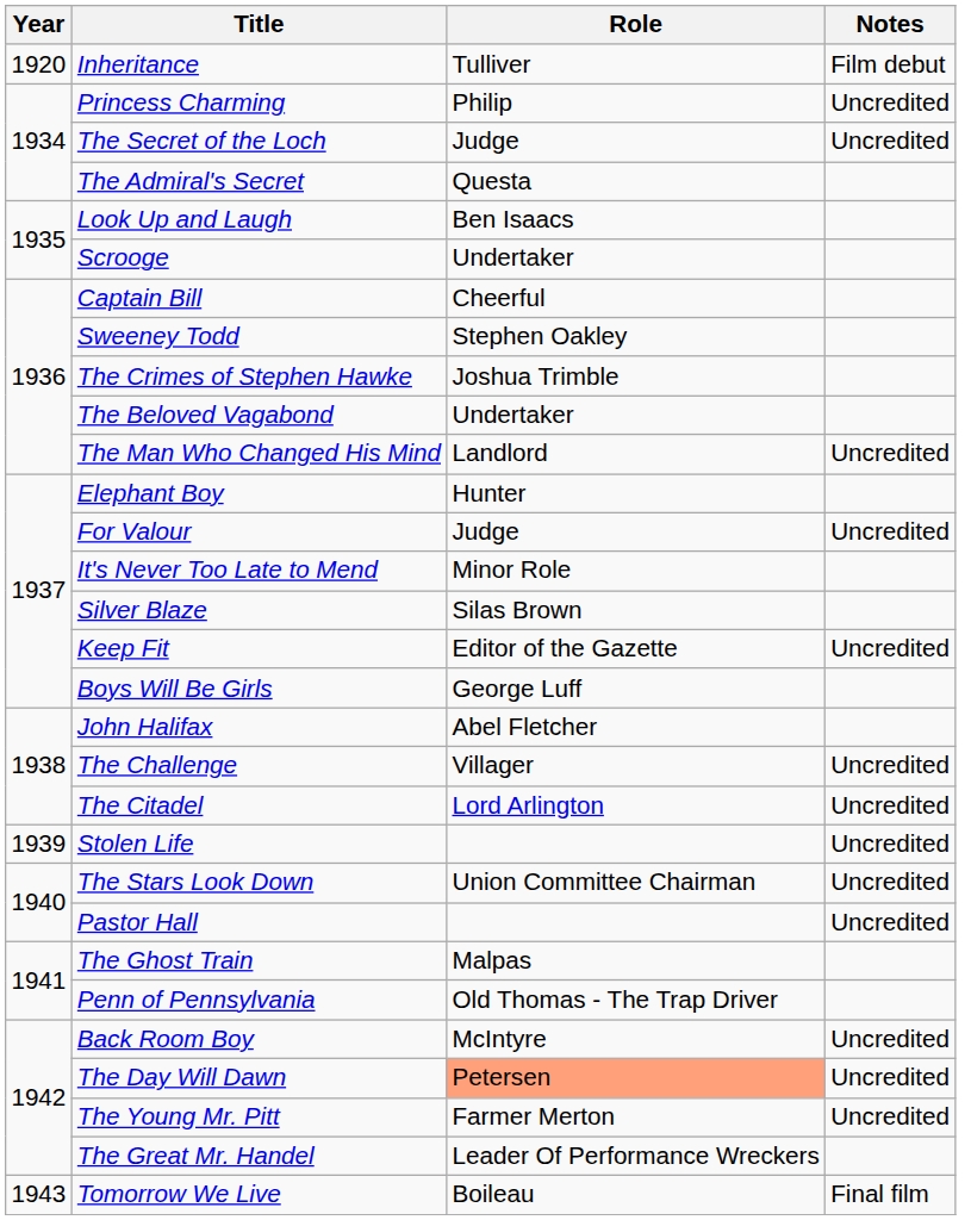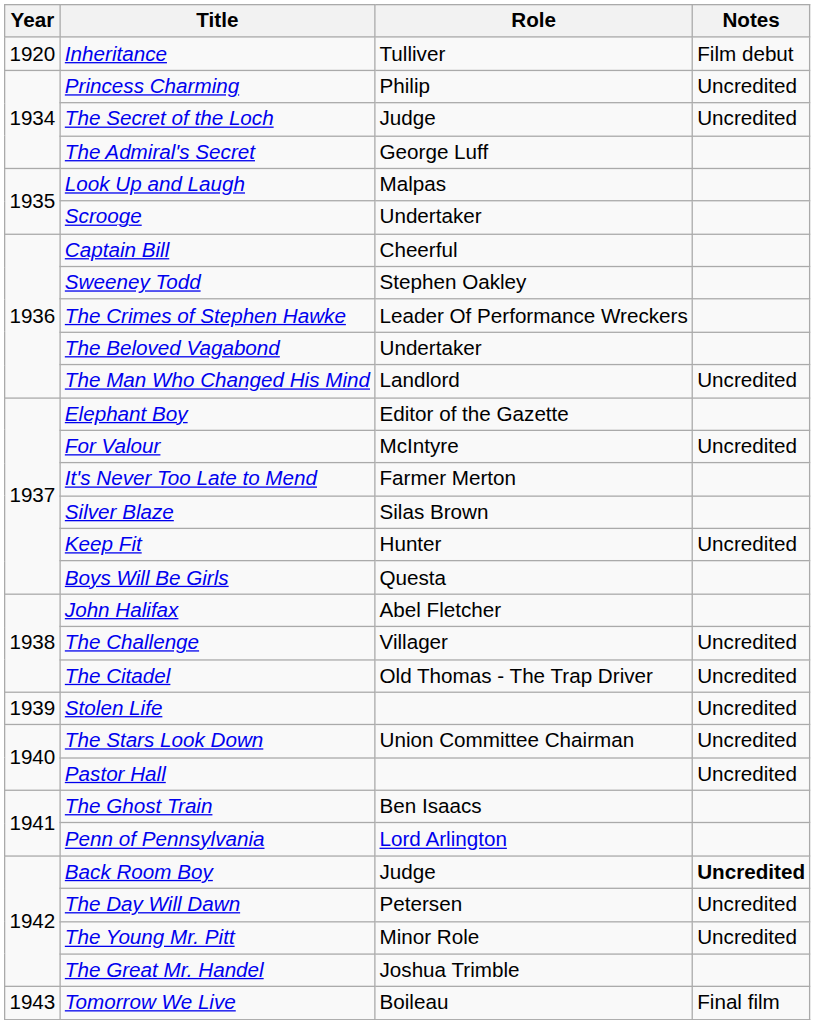 <table class="wikitable">
 <tr>
 <th>Year</th>
 <th>Title</th>
 <th>Role</th>
 <th>Notes</th>
 </tr>
 <tr>
 <td>1920</td>
 <td><em><a href='#'>Inheritance</a></em></td>
 <td>Tulliver</td>
 <td>Film debut</td>
 </tr>
 <tr>
 <td rowspan="3">1934</td>
 <td><em><a href='#'>Princess Charming</a></em></td>
 <td>Philip</td>
 <td>Uncredited</td>
 </tr>
 <tr>
 <td><em><a href='#'>The Secret of the Loch</a></em></td>
 <td>Judge</td>
 <td>Uncredited</td>
 </tr>
 <tr>
 <td><em><a href='#'>The Admiral's Secret</a></em></td>
-<td>Questa</td>
+<td>George Luff</td>
 <td></td>
 </tr>
 <tr>
 <td rowspan="2">1935</td>
 <td><em><a href='#'>Look Up and Laugh</a></em></td>
-<td>Ben Isaacs</td>
+<td>Malpas</td>
 <td></td>
 </tr>
 <tr>
 <td><em><a href='#'>Scrooge</a></em></td>
 <td>Undertaker</td>
 <td></td>
 </tr>
 <tr>
 <td rowspan="5">1936</td>
 <td><em><a href='#'>Captain Bill</a></em></td>
 <td>Cheerful</td>
 <td></td>
 </tr>
 <tr>
 <td><em><a href='#'>Sweeney Todd</a></em></td>
 <td>Stephen Oakley</td>
 <td></td>
 </tr>
 <tr>
 <td><em><a href='#'>The Crimes of Stephen Hawke</a></em></td>
-<td>Joshua Trimble</td>
+<td>Leader Of Performance Wreckers</td>
 <td></td>
 </tr>
 <tr>
 <td><em><a href='#'>The Beloved Vagabond</a></em></td>
 <td>Undertaker</td>
 <td></td>
 </tr>
 <tr>
 <td><em><a href='#'>The Man Who Changed His Mind</a></em></td>
 <td>Landlord</td>
 <td>Uncredited</td>
 </tr>
 <tr>
 <td rowspan="6">1937</td>
 <td><em><a href='#'>Elephant Boy</a></em></td>
-<td>Hunter</td>
+<td>Editor of the Gazette</td>
 <td></td>
 </tr>
 <tr>
 <td><em><a href='#'>For Valour</a></em></td>
-<td>Judge</td>
+<td>McIntyre</td>
 <td>Uncredited</td>
 </tr>
 <tr>
 <td><em><a href='#'>It's Never Too Late to Mend</a></em></td>
-<td>Minor Role</td>
+<td>Farmer Merton</td>
 <td></td>
 </tr>
 <tr>
 <td><em><a href='#'>Silver Blaze</a></em></td>
 <td>Silas Brown</td>
 <td></td>
 </tr>
 <tr>
 <td><em><a href='#'>Keep Fit</a></em></td>
-<td>Editor of the Gazette</td>
+<td>Hunter</td>
 <td>Uncredited</td>
 </tr>
 <tr>
 <td><em><a href='#'>Boys Will Be Girls</a></em></td>
-<td>George Luff</td>
+<td>Questa</td>
 <td></td>
 </tr>
 <tr>
 <td rowspan=3>1938</td>
 <td><em><a href='#'>John Halifax</a></em></td>
 <td>Abel Fletcher</td>
 <td></td>
 </tr>
 <tr>
 <td><em><a href='#'>The Challenge</a></em></td>
 <td>Villager</td>
 <td>Uncredited</td>
 </tr>
 <tr>
 <td><em><a href='#'>The Citadel</a></em></td>
-<td><a href='#'>Lord Arlington</a></td>
+<td>Old Thomas - The Trap Driver</td>
 <td>Uncredited</td>
 </tr>
 <tr>
 <td>1939</td>
 <td><em><a href='#'>Stolen Life</a></em></td>
 <td></td>
 <td>Uncredited</td>
 </tr>
 <tr>
 <td rowspan=2>1940</td>
 <td><em><a href='#'>The Stars Look Down</a></em></td>
 <td>Union Committee Chairman</td>
 <td>Uncredited</td>
 </tr>
 <tr>
 <td><em><a href='#'>Pastor Hall</a></em></td>
 <td></td>
 <td>Uncredited</td>
 </tr>
 <tr>
 <td rowspan=2>1941</td>
 <td><em><a href='#'>The Ghost Train</a></em></td>
-<td>Malpas</td>
+<td>Ben Isaacs</td>
 <td></td>
 </tr>
 <tr>
 <td><em><a href='#'>Penn of Pennsylvania</a></em></td>
-<td>Old Thomas - The Trap Driver</td>
+<td><a href='#'>Lord Arlington</a></td>
 <td></td>
 </tr>
 <tr>
 <td rowspan=4>1942</td>
 <td><em><a href='#'>Back Room Boy</a></em></td>
-<td>McIntyre</td>
-<td>Uncredited</td>
+<td>Judge</td>
+<td><strong>Uncredited</strong></td>
 </tr>
 <tr>
 <td><em><a href='#'>The Day Will Dawn</a></em></td>
-<td style="background: lightsalmon;">Petersen</td>
+<td>Petersen</td>
 <td>Uncredited</td>
 </tr>
 <tr>
 <td><em><a href='#'>The Young Mr. Pitt</a></em></td>
-<td>Farmer Merton</td>
+<td>Minor Role</td>
 <td>Uncredited</td>
 </tr>
 <tr>
 <td><em><a href='#'>The Great Mr. Handel</a></em></td>
-<td>Leader Of Performance Wreckers</td>
+<td>Joshua Trimble</td>
 <td></td>
 </tr>
 <tr>
 <td>1943</td>
 <td><em><a href='#'>Tomorrow We Live</a></em></td>
 <td>Boileau</td>
 <td>Final film</td>
 </tr>
 <tr>
 </tr>
 </table>
